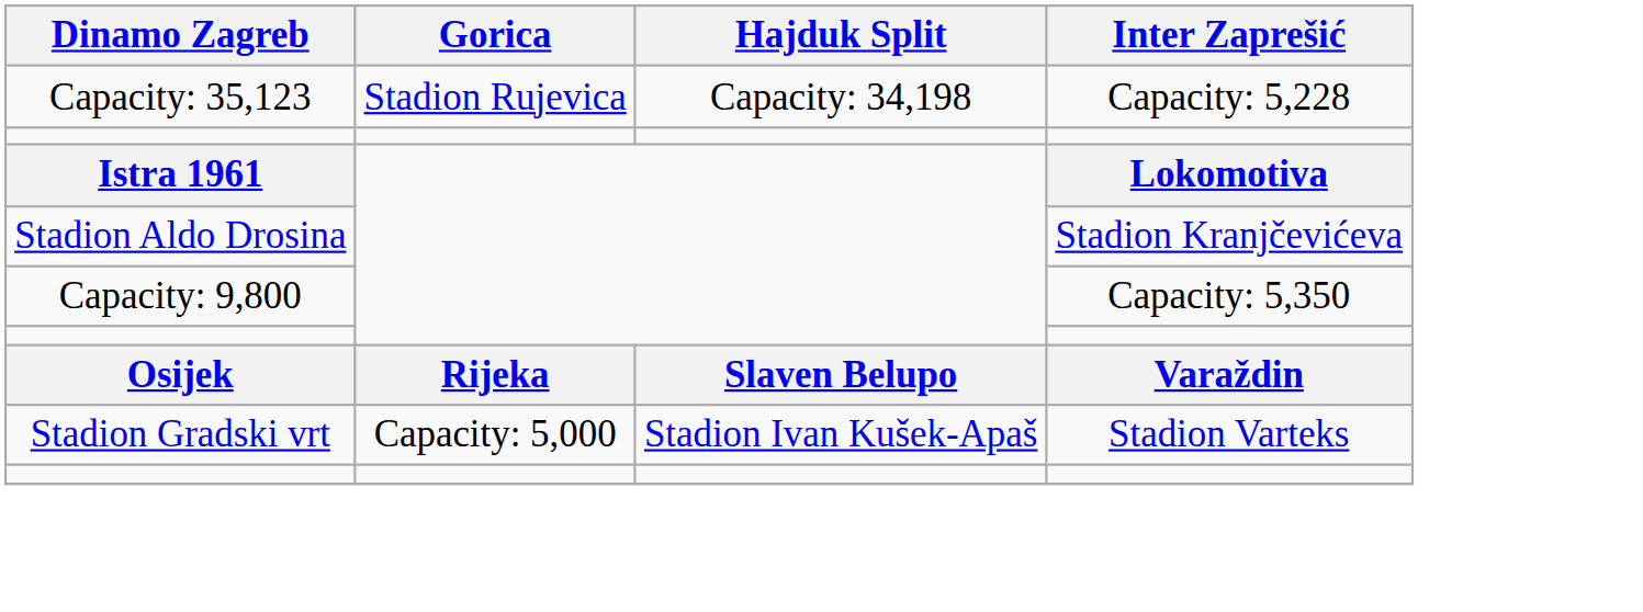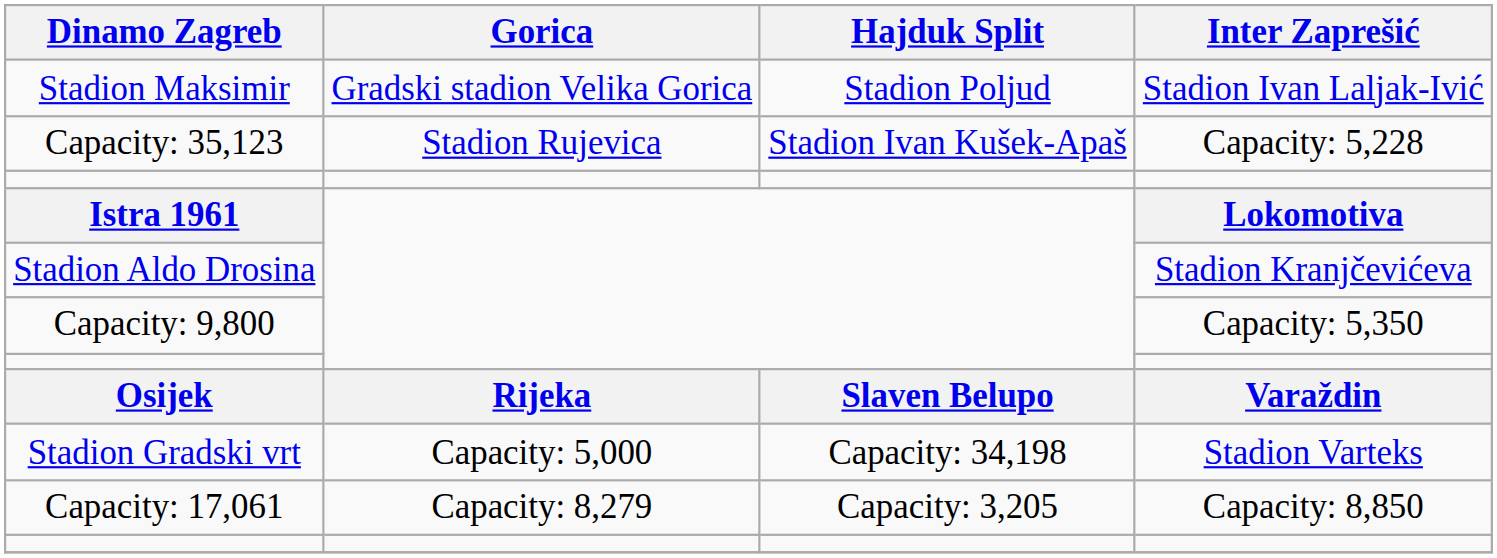 <table class="wikitable" style="text-align:center;">
 <tr>
 <th><a href='#'>Dinamo Zagreb</a></th>
 <th><a href='#'>Gorica</a></th>
 <th><a href='#'>Hajduk Split</a></th>
 <th><a href='#'>Inter Zaprešić</a></th>
 </tr>
 <tr>
+<td><a href='#'>Stadion Maksimir</a></td>
+<td><a href='#'>Gradski stadion Velika Gorica</a></td>
+<td><a href='#'>Stadion Poljud</a></td>
+<td><a href='#'>Stadion Ivan Laljak-Ivić</a></td>
+</tr>
+<tr>
 <td>Capacity: 35,123</td>
 <td><a href='#'>Stadion Rujevica</a></td>
-<td>Capacity: 34,198</td>
+<td><a href='#'>Stadion Ivan Kušek-Apaš</a></td>
 <td>Capacity: 5,228</td>
 </tr>
 <tr>
 <td></td>
 <td></td>
 <td></td>
 <td></td>
 </tr>
 <tr>
 <th><a href='#'>Istra 1961</a></th>
 <td colspan="2" rowspan="4"><br> </td>
 <th><a href='#'>Lokomotiva</a></th>
 </tr>
 <tr>
 <td><a href='#'>Stadion Aldo Drosina</a></td>
 <td><a href='#'>Stadion Kranjčevićeva</a></td>
 </tr>
 <tr>
 <td>Capacity: 9,800</td>
 <td>Capacity: 5,350</td>
 </tr>
 <tr>
 <td></td>
 <td></td>
 </tr>
 <tr>
 <th><a href='#'>Osijek</a></th>
 <th><a href='#'>Rijeka</a></th>
 <th><a href='#'>Slaven Belupo</a></th>
 <th><a href='#'>Varaždin</a></th>
 </tr>
 <tr>
 <td><a href='#'>Stadion Gradski vrt</a></td>
 <td>Capacity: 5,000</td>
-<td><a href='#'>Stadion Ivan Kušek-Apaš</a></td>
+<td>Capacity: 34,198</td>
 <td><a href='#'>Stadion Varteks</a></td>
+</tr>
+<tr>
+<td>Capacity: 17,061</td>
+<td>Capacity: 8,279</td>
+<td>Capacity: 3,205</td>
+<td>Capacity: 8,850</td>
 </tr>
 <tr>
 <td></td>
 <td></td>
 <td></td>
 <td></td>
 </tr>
 <tr>
 </tr>
 </table>
